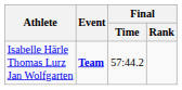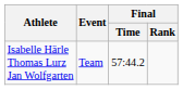 <table class="wikitable" border="1" style="font-size:90%">
 <tr>
 <th rowspan=2>Athlete</th>
 <th rowspan=2>Event</th>
 <th colspan=2>Final</th>
 </tr>
 <tr>
 <th>Time</th>
 <th>Rank</th>
 </tr>
 <tr>
 <td rowspan=1><a href='#'>Isabelle Härle</a><br><a href='#'>Thomas Lurz</a><br><a href='#'>Jan Wolfgarten</a></td>
-<td><strong><a href='#'>Team</a></strong></td>
+<td><a href='#'>Team</a></td>
 <td align=center>57:44.2</td>
 <td align=center></td>
 </tr>
 </table>
